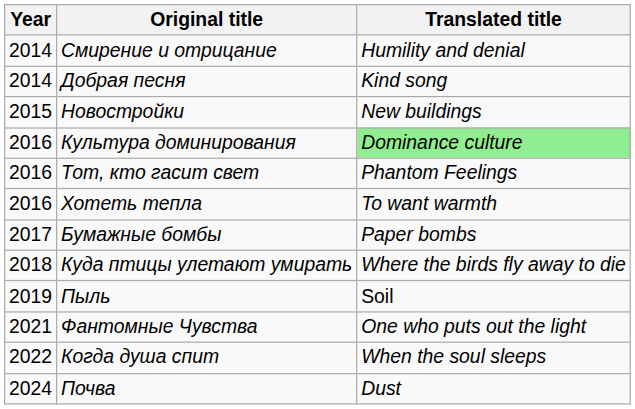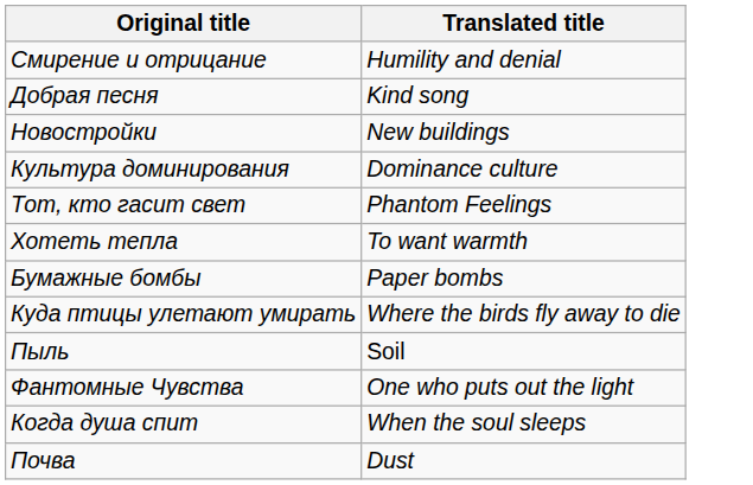 <table class="wikitable">
 <tr>
-<th>Year</th>
 <th>Original title</th>
 <th>Translated title</th>
 </tr>
 <tr>
-<td>2014</td>
 <td><em>Смирение и отрицание</em></td>
 <td><em>Humility and denial</em></td>
 </tr>
 <tr>
-<td>2014</td>
 <td><em>Добрая песня</em></td>
 <td><em>Kind song</em></td>
 </tr>
 <tr>
-<td>2015</td>
 <td><em>Н​о​в​о​с​т​р​о​й​к​и</em></td>
 <td><em>New buildings</em></td>
 </tr>
 <tr>
-<td>2016</td>
 <td><em>Культура доминирования</em></td>
-<td style="background: lightgreen;"><em>Dominance culture</em></td>
+<td><em>Dominance culture</em></td>
 </tr>
 <tr>
-<td>2016</td>
 <td><em>Тот, кто гасит свет</em></td>
 <td><em>Phantom Feelings</em></td>
 </tr>
 <tr>
-<td>2016</td>
 <td><em>Хотеть тепла</em></td>
 <td><em>To want warmth</em></td>
 </tr>
 <tr>
-<td>2017</td>
 <td><em>Бумажные бомбы</em></td>
 <td><em>Paper bombs</em></td>
 </tr>
 <tr>
-<td>2018</td>
 <td><em>Куда птицы улетают умирать</em></td>
 <td><em>Where the birds fly away to die</em></td>
 </tr>
 <tr>
-<td>2019</td>
 <td><em>Пыль</em></td>
 <td>Soil</td>
 </tr>
 <tr>
-<td>2021</td>
 <td><em>Фантомные Чувства</em></td>
 <td><em>One who puts out the light</em></td>
 </tr>
 <tr>
-<td>2022</td>
 <td><em>Когда душа спит</em></td>
 <td><em>When the soul sleeps</em></td>
 </tr>
 <tr>
-<td>2024</td>
 <td><em>Почва</em></td>
 <td><em>Dust</em></td>
 </tr>
 </table>
